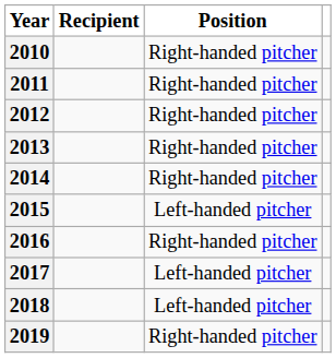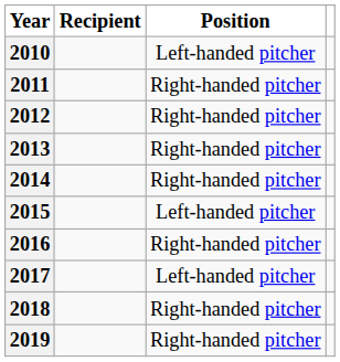 <table class="wikitable sortable plainrowheaders" style="text-align:center">
 <tr>
 <th scope="col" style="background-color:#ffffff; border-top:#">Year</th>
 <th scope="col" style="background-color:#ffffff; border-top:#">Recipient</th>
 <th scope="col" style="background-color:#ffffff; border-top:#">Position</th>
 <th scope="col" class="unsortable" style="background-color:#ffffff; border-top:#"></th>
 </tr>
 <tr>
 <th scope="row" style="text-align:center">2010</th>
 <td></td>
-<td>Right-handed <a href='#'>pitcher</a></td>
+<td>Left-handed <a href='#'>pitcher</a></td>
 <td></td>
 </tr>
 <tr>
 <th scope="row" style="text-align:center">2011</th>
 <td></td>
 <td>Right-handed <a href='#'>pitcher</a></td>
 <td></td>
 </tr>
 <tr>
 <th scope="row" style="text-align:center">2012</th>
 <td></td>
 <td>Right-handed <a href='#'>pitcher</a></td>
 <td></td>
 </tr>
 <tr>
 <th scope="row" style="text-align:center">2013</th>
 <td></td>
 <td>Right-handed <a href='#'>pitcher</a></td>
 <td></td>
 </tr>
 <tr>
 <th scope="row" style="text-align:center">2014</th>
 <td></td>
 <td>Right-handed <a href='#'>pitcher</a></td>
 <td></td>
 </tr>
 <tr>
 <th scope="row" style="text-align:center">2015</th>
 <td></td>
 <td>Left-handed <a href='#'>pitcher</a></td>
 <td></td>
 </tr>
 <tr>
 <th scope="row" style="text-align:center">2016</th>
 <td></td>
 <td>Right-handed <a href='#'>pitcher</a></td>
 <td></td>
 </tr>
 <tr>
 <th scope="row" style="text-align:center">2017</th>
 <td></td>
 <td>Left-handed <a href='#'>pitcher</a></td>
 <td></td>
 </tr>
 <tr>
 <th scope="row" style="text-align:center">2018</th>
 <td> </td>
-<td>Left-handed <a href='#'>pitcher</a></td>
+<td>Right-handed <a href='#'>pitcher</a></td>
 <td></td>
 </tr>
 <tr>
 <th scope="row" style="text-align:center">2019</th>
 <td> </td>
 <td>Right-handed <a href='#'>pitcher</a></td>
 <td></td>
 </tr>
 </table>
